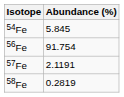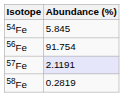 <table class="wikitable">
 <tr>
 <th>Isotope</th>
 <th>Abundance (%)</th>
 </tr>
 <tr>
 <td><sup>54</sup>Fe</td>
 <td>5.845</td>
 </tr>
 <tr>
 <td><sup>56</sup>Fe</td>
 <td>91.754</td>
 </tr>
 <tr>
 <td><sup>57</sup>Fe</td>
-<td>2.1191</td>
+<td style="background: lavender;">2.1191</td>
 </tr>
 <tr>
 <td><sup>58</sup>Fe</td>
 <td>0.2819</td>
 </tr>
 </table>
